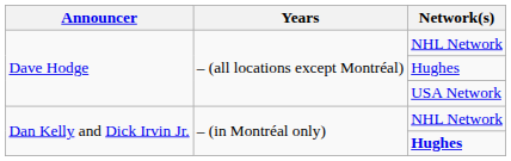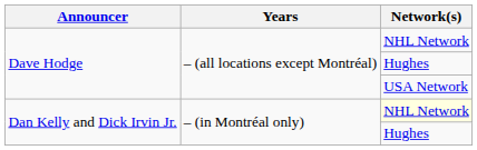 <table class="wikitable">
 <tr>
 <th><a href='#'>Announcer</a></th>
 <th>Years</th>
 <th>Network(s)</th>
 </tr>
 <tr>
 <td rowspan="3"><a href='#'>Dave Hodge</a></td>
 <td rowspan="3">– (all locations except Montréal)</td>
 <td><a href='#'>NHL Network</a></td>
 </tr>
 <tr>
 <td><a href='#'>Hughes</a></td>
 </tr>
 <tr>
 <td><a href='#'>USA Network</a></td>
 </tr>
 <tr>
 <td rowspan="2"><a href='#'>Dan Kelly</a> and <a href='#'>Dick Irvin Jr.</a></td>
 <td rowspan="2">– (in Montréal only)</td>
-<td><a href='#'>NHL Network</a></td>
+<td style="background: lightyellow;"><a href='#'>NHL Network</a></td>
 </tr>
 <tr>
-<td><strong><a href='#'>Hughes</a></strong></td>
+<td><a href='#'>Hughes</a></td>
 </tr>
 </table>
